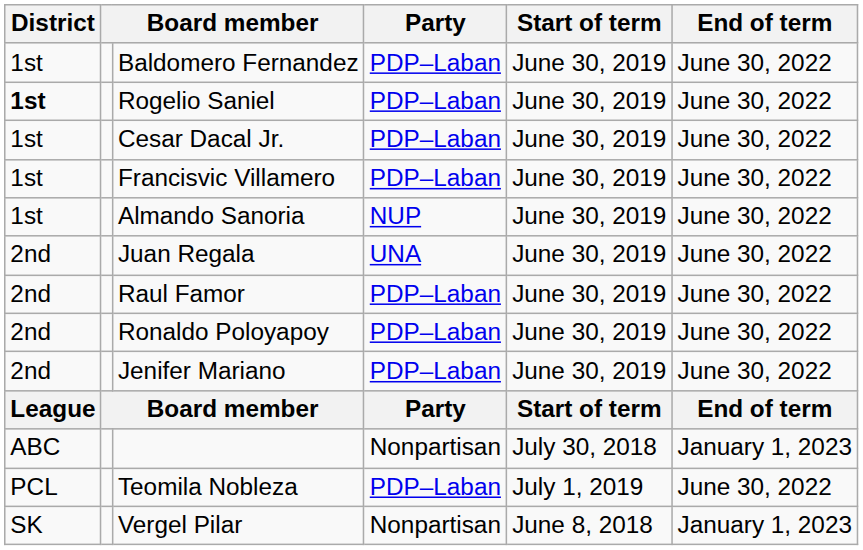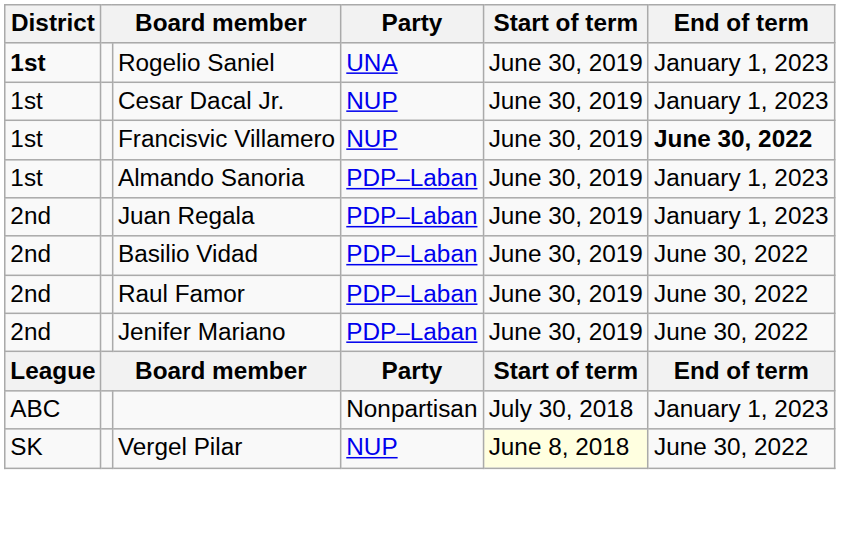 <table class="wikitable">
 <tr>
 <th>District</th>
 <th colspan="2">Board member</th>
 <th>Party</th>
 <th>Start of term</th>
 <th>End of term</th>
 </tr>
 <tr>
-<td>1st</td>
-<td></td>
-<td>Baldomero Fernandez</td>
-<td><a href='#'>PDP–Laban</a></td>
-<td>June 30, 2019</td>
-<td>June 30, 2022</td>
-</tr>
-<tr>
 <td><strong>1st</strong></td>
 <td></td>
 <td>Rogelio Saniel</td>
-<td><a href='#'>PDP–Laban</a></td>
+<td><a href='#'>UNA</a></td>
 <td>June 30, 2019</td>
-<td>June 30, 2022</td>
+<td>January 1, 2023</td>
 </tr>
 <tr>
 <td>1st</td>
 <td></td>
 <td>Cesar Dacal Jr.</td>
-<td><a href='#'>PDP–Laban</a></td>
+<td><a href='#'>NUP</a></td>
 <td>June 30, 2019</td>
-<td>June 30, 2022</td>
+<td>January 1, 2023</td>
 </tr>
 <tr>
 <td>1st</td>
 <td></td>
 <td>Francisvic Villamero</td>
-<td><a href='#'>PDP–Laban</a></td>
+<td><a href='#'>NUP</a></td>
 <td>June 30, 2019</td>
-<td>June 30, 2022</td>
+<td><strong>June 30, 2022</strong></td>
 </tr>
 <tr>
 <td>1st</td>
 <td></td>
 <td>Almando Sanoria</td>
-<td><a href='#'>NUP</a></td>
+<td><a href='#'>PDP–Laban</a></td>
 <td>June 30, 2019</td>
-<td>June 30, 2022</td>
+<td>January 1, 2023</td>
 </tr>
 <tr>
 <td>2nd</td>
 <td></td>
 <td>Juan Regala</td>
-<td><a href='#'>UNA</a></td>
+<td><a href='#'>PDP–Laban</a></td>
+<td>June 30, 2019</td>
+<td>January 1, 2023</td>
+</tr>
+<tr>
+<td>2nd</td>
+<td></td>
+<td>Basilio Vidad</td>
+<td><a href='#'>PDP–Laban</a></td>
 <td>June 30, 2019</td>
 <td>June 30, 2022</td>
 </tr>
 <tr>
 <td>2nd</td>
 <td></td>
 <td>Raul Famor</td>
-<td><a href='#'>PDP–Laban</a></td>
-<td>June 30, 2019</td>
-<td>June 30, 2022</td>
-</tr>
-<tr>
-<td>2nd</td>
-<td></td>
-<td>Ronaldo Poloyapoy</td>
 <td><a href='#'>PDP–Laban</a></td>
 <td>June 30, 2019</td>
 <td>June 30, 2022</td>
 </tr>
 <tr>
 <td>2nd</td>
 <td></td>
 <td>Jenifer Mariano</td>
 <td><a href='#'>PDP–Laban</a></td>
 <td>June 30, 2019</td>
 <td>June 30, 2022</td>
 </tr>
 <tr>
 <th>League</th>
 <th colspan="2">Board member</th>
 <th>Party</th>
 <th>Start of term</th>
 <th>End of term</th>
 </tr>
 <tr>
 <td>ABC</td>
 <td></td>
 <td></td>
 <td>Nonpartisan</td>
 <td>July 30, 2018</td>
 <td>January 1, 2023</td>
 </tr>
 <tr>
-<td>PCL</td>
-<td></td>
-<td>Teomila Nobleza</td>
-<td><a href='#'>PDP–Laban</a></td>
-<td>July 1, 2019</td>
-<td>June 30, 2022</td>
-</tr>
-<tr>
 <td>SK</td>
 <td></td>
 <td>Vergel Pilar</td>
-<td>Nonpartisan</td>
-<td>June 8, 2018</td>
-<td>January 1, 2023</td>
+<td><a href='#'>NUP</a></td>
+<td style="background: lightyellow;">June 8, 2018</td>
+<td>June 30, 2022</td>
 </tr>
 </table>
